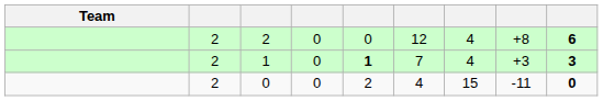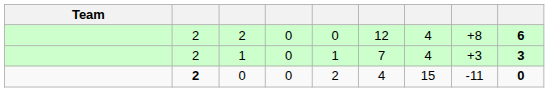 <table class="wikitable" style="text-align: center;">
 <tr>
 <th width=200>Team</th>
 <th width=50 abbr="Played"></th>
 <th width=50 abbr="Won"></th>
 <th width=50 abbr="Drawn"></th>
 <th width=50 abbr="Lost"></th>
 <th width=50 abbr="Goals for"></th>
 <th width=50 abbr="Goals against"></th>
 <th width=50 abbr="Goal difference"></th>
 <th width=50 abbr="Points"></th>
 </tr>
 <tr align=center style="background:#ccffcc;">
 <td align="left"><strong></strong></td>
 <td>2</td>
 <td>2</td>
 <td>0</td>
 <td>0</td>
 <td>12</td>
 <td>4</td>
 <td>+8</td>
 <td><strong>6</strong></td>
 </tr>
 <tr align=center style="background:#ccffcc;">
 <td align="left"><strong></strong></td>
 <td>2</td>
 <td>1</td>
 <td>0</td>
-<td><strong>1</strong></td>
+<td>1</td>
 <td>7</td>
 <td>4</td>
 <td>+3</td>
 <td><strong>3</strong></td>
 </tr>
 <tr>
 <td align="left"></td>
-<td>2</td>
+<td><strong>2</strong></td>
 <td>0</td>
 <td>0</td>
 <td>2</td>
 <td>4</td>
 <td>15</td>
 <td>-11</td>
 <td><strong>0</strong></td>
 </tr>
 </table>
